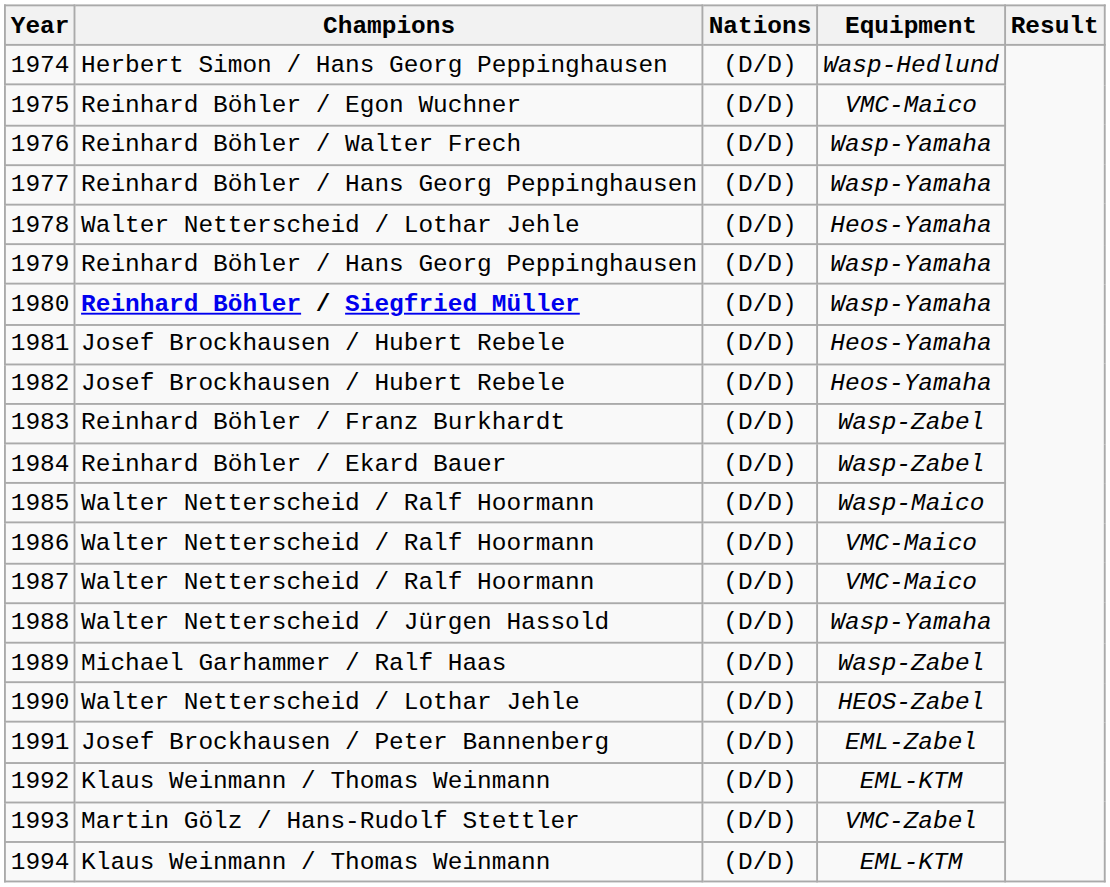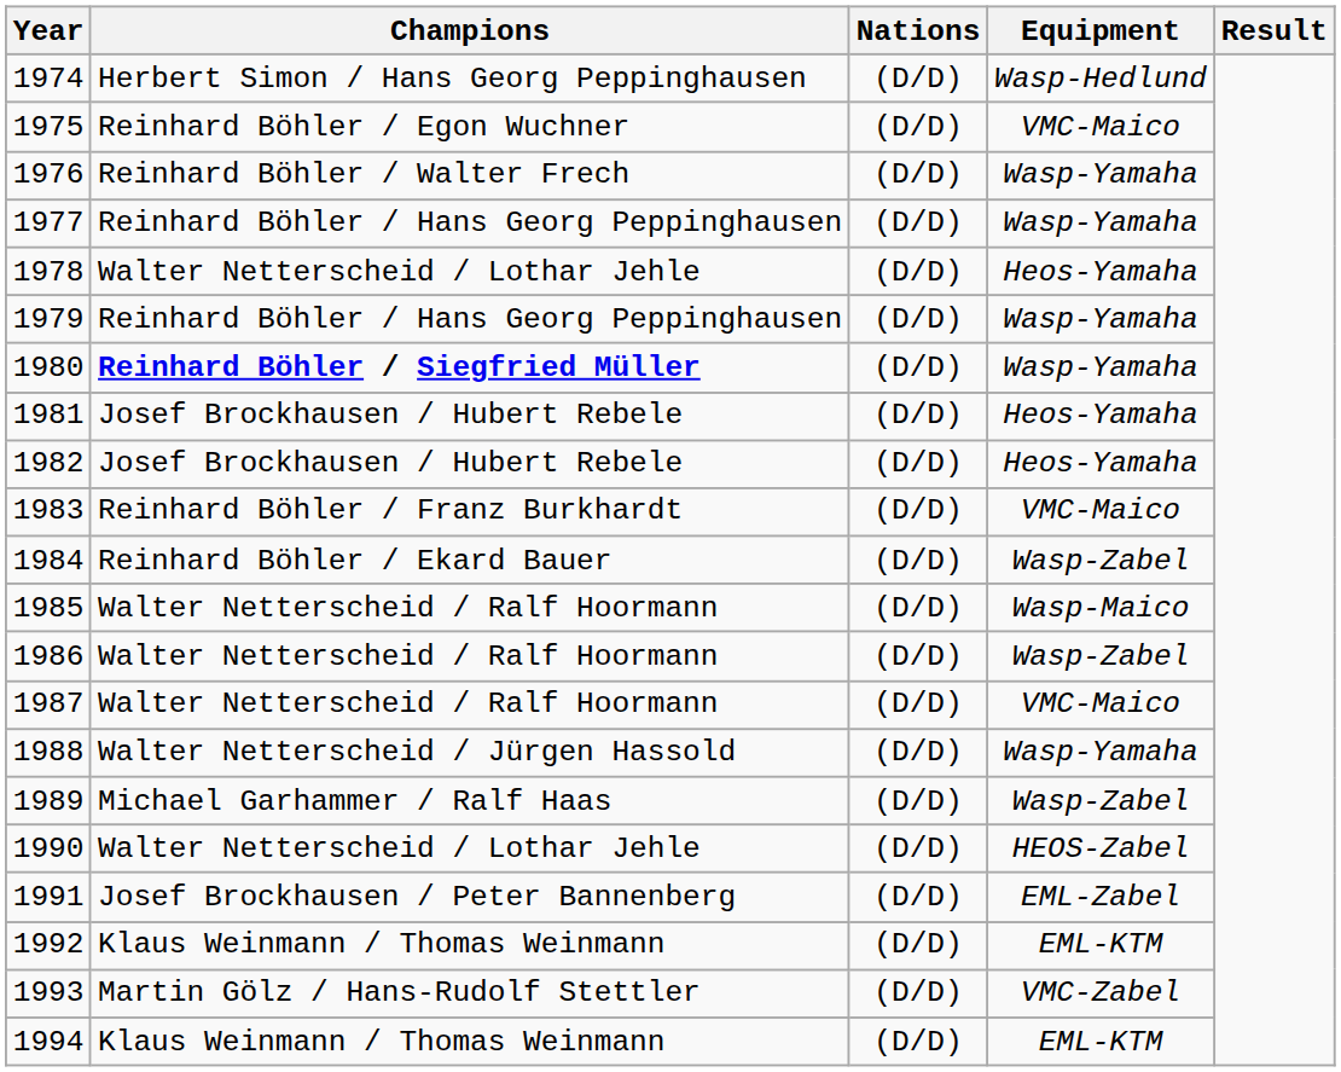 <table class="wikitable" style="display:inline-table;">
 <tr>
 <th>Year</th>
 <th>Champions</th>
 <th>Nations</th>
 <th>Equipment</th>
 <th>Result</th>
 </tr>
 <tr align="center">
 <td>1974</td>
 <td align="left">Herbert Simon / Hans Georg Peppinghausen</td>
 <td>(D/D)</td>
 <td><em>Wasp-Hedlund</em></td>
 <td rowspan=21></td>
 </tr>
 <tr align="center">
 <td>1975</td>
 <td align="left">Reinhard Böhler / Egon Wuchner</td>
 <td>(D/D)</td>
 <td><em>VMC-Maico</em></td>
 </tr>
 <tr align="center">
 <td>1976</td>
 <td align="left">Reinhard Böhler / Walter Frech</td>
 <td>(D/D)</td>
 <td><em>Wasp-Yamaha</em></td>
 </tr>
 <tr align="center">
 <td>1977</td>
 <td align="left">Reinhard Böhler / Hans Georg Peppinghausen</td>
 <td>(D/D)</td>
 <td><em>Wasp-Yamaha</em></td>
 </tr>
 <tr align="center">
 <td>1978</td>
 <td align="left">Walter Netterscheid / Lothar Jehle</td>
 <td>(D/D)</td>
 <td><em>Heos-Yamaha</em></td>
 </tr>
 <tr align="center">
 <td>1979</td>
 <td align="left">Reinhard Böhler / Hans Georg Peppinghausen</td>
 <td>(D/D)</td>
 <td><em>Wasp-Yamaha</em></td>
 </tr>
 <tr align="center">
 <td>1980</td>
 <td align="left"><strong><a href='#'>Reinhard Böhler</a> / <a href='#'>Siegfried Müller</a></strong></td>
 <td>(D/D)</td>
 <td><em>Wasp-Yamaha</em></td>
 </tr>
 <tr align="center">
 <td>1981</td>
 <td align="left">Josef Brockhausen / Hubert Rebele</td>
 <td>(D/D)</td>
 <td><em>Heos-Yamaha</em></td>
 </tr>
 <tr align="center">
 <td>1982</td>
 <td align="left">Josef Brockhausen / Hubert Rebele</td>
 <td>(D/D)</td>
 <td><em>Heos-Yamaha</em></td>
 </tr>
 <tr align="center">
 <td>1983</td>
 <td align="left">Reinhard Böhler / Franz Burkhardt</td>
 <td>(D/D)</td>
-<td><em>Wasp-Zabel</em></td>
+<td><em>VMC-Maico</em></td>
 </tr>
 <tr align="center">
 <td>1984</td>
 <td align="left">Reinhard Böhler / Ekard Bauer</td>
 <td>(D/D)</td>
 <td><em>Wasp-Zabel</em></td>
 </tr>
 <tr align="center">
 <td>1985</td>
 <td align="left">Walter Netterscheid / Ralf Hoormann</td>
 <td>(D/D)</td>
 <td><em>Wasp-Maico</em></td>
 </tr>
 <tr align="center">
 <td>1986</td>
 <td align="left">Walter Netterscheid / Ralf Hoormann</td>
 <td>(D/D)</td>
-<td><em>VMC-Maico</em></td>
+<td><em>Wasp-Zabel</em></td>
 </tr>
 <tr align="center">
 <td>1987</td>
 <td align="left">Walter Netterscheid / Ralf Hoormann</td>
 <td>(D/D)</td>
 <td><em>VMC-Maico</em></td>
 </tr>
 <tr align="center">
 <td>1988</td>
 <td align="left">Walter Netterscheid / Jürgen Hassold</td>
 <td>(D/D)</td>
 <td><em>Wasp-Yamaha</em></td>
 </tr>
 <tr align="center">
 <td>1989</td>
 <td align="left">Michael Garhammer / Ralf Haas</td>
 <td>(D/D)</td>
 <td><em>Wasp-Zabel</em></td>
 </tr>
 <tr align="center">
 <td>1990</td>
 <td align="left">Walter Netterscheid / Lothar Jehle</td>
 <td>(D/D)</td>
 <td><em>HEOS-Zabel</em></td>
 </tr>
 <tr align="center">
 <td>1991</td>
 <td align="left">Josef Brockhausen / Peter Bannenberg</td>
 <td>(D/D)</td>
 <td><em>EML-Zabel</em></td>
 </tr>
 <tr align="center">
 <td>1992</td>
 <td align="left">Klaus Weinmann / Thomas Weinmann</td>
 <td>(D/D)</td>
 <td><em>EML-KTM</em></td>
 </tr>
 <tr align="center">
 <td>1993</td>
 <td align="left">Martin Gölz / Hans-Rudolf Stettler</td>
 <td>(D/D)</td>
 <td><em>VMC-Zabel</em></td>
 </tr>
 <tr align="center">
 <td>1994</td>
 <td align="left">Klaus Weinmann / Thomas Weinmann</td>
 <td>(D/D)</td>
 <td><em>EML-KTM</em></td>
 </tr>
 </table>
